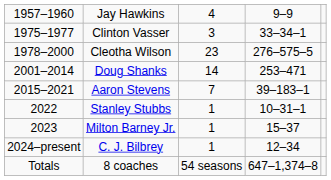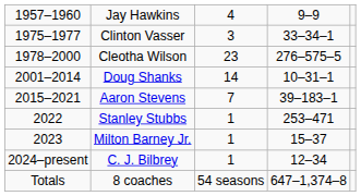 <table class="wikitable" style="text-align:center">
 <tr>
 <td>1957–1960</td>
 <td>Jay Hawkins</td>
 <td>4</td>
 <td>9–9</td>
 <td></td>
 </tr>
 <tr>
 <td>1975–1977</td>
 <td>Clinton Vasser</td>
 <td>3</td>
 <td>33–34–1</td>
 <td></td>
 </tr>
 <tr>
 <td>1978–2000</td>
 <td>Cleotha Wilson</td>
 <td>23</td>
 <td>276–575–5</td>
 <td></td>
 </tr>
 <tr>
 <td>2001–2014</td>
 <td><a href='#'>Doug Shanks</a></td>
 <td>14</td>
-<td>253–471</td>
+<td>10–31–1</td>
 <td></td>
 </tr>
 <tr>
 <td>2015–2021</td>
 <td><a href='#'>Aaron Stevens</a></td>
 <td>7</td>
 <td>39–183–1</td>
 <td></td>
 </tr>
 <tr>
 <td>2022</td>
 <td><a href='#'>Stanley Stubbs</a></td>
 <td>1</td>
-<td>10–31–1</td>
+<td>253–471</td>
 <td></td>
 </tr>
 <tr>
 <td>2023</td>
 <td><a href='#'>Milton Barney Jr.</a></td>
 <td>1</td>
 <td>15–37</td>
 <td></td>
 </tr>
 <tr>
 <td>2024–present</td>
 <td><a href='#'>C. J. Bilbrey</a></td>
 <td>1</td>
 <td>12–34</td>
 <td></td>
 </tr>
 <tr class="sortbottom">
 <td>Totals</td>
 <td>8 coaches</td>
 <td>54 seasons</td>
 <td>647–1,374–8</td>
 <td></td>
 </tr>
 </table>
